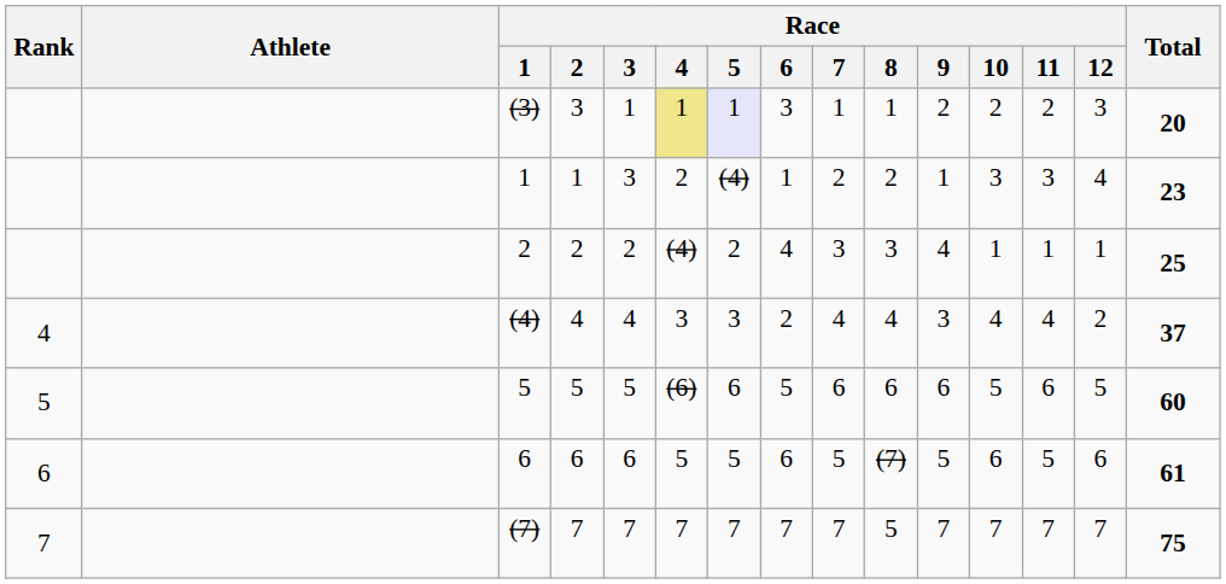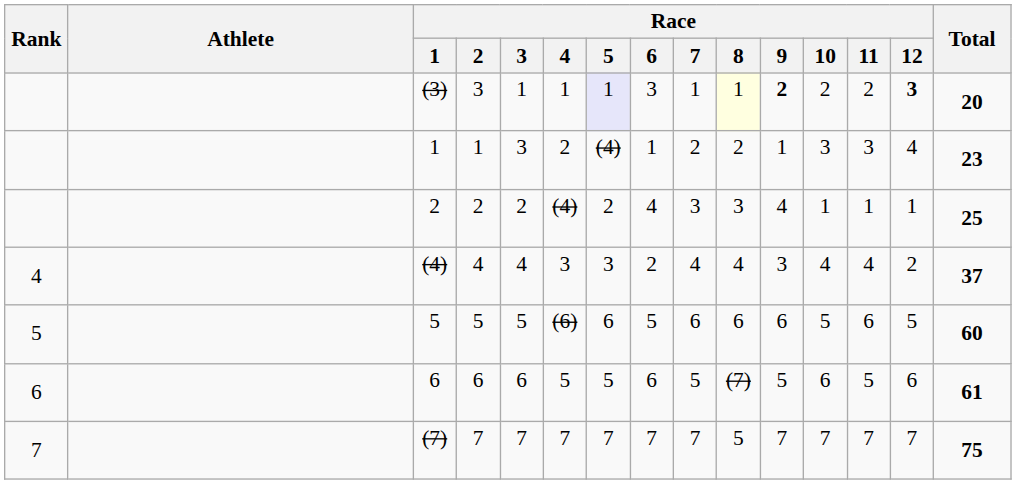 <table | class="wikitable" style="text-align:center">
 <tr>
 <th rowspan="2" width=40>Rank</th>
 <th rowspan="2" width=250>Athlete</th>
 <th colspan="12">Race</th>
 <th rowspan="2" width=50>Total</th>
 </tr>
 <tr>
 <th width=25>1</th>
 <th width=25>2</th>
 <th width=25>3</th>
 <th width=25>4</th>
 <th width=25>5</th>
 <th width=25>6</th>
 <th width=25>7</th>
 <th width=25>8</th>
 <th width=25>9</th>
 <th width=25>10</th>
 <th width=25>11</th>
 <th width=25>12</th>
 </tr>
 <tr>
 <td></td>
 <td align=left></td>
 <td><s>(3)</s><br> </td>
 <td>3<br> </td>
 <td>1<br> </td>
-<td style="background: khaki;">1<br> </td>
+<td>1<br> </td>
 <td style="background: lavender;">1<br> </td>
 <td>3<br> </td>
 <td>1<br> </td>
-<td>1<br> </td>
+<td style="background: lightyellow;">1<br> </td>
+<td><strong>2<br> </strong></td>
 <td>2<br> </td>
 <td>2<br> </td>
-<td>2<br> </td>
-<td>3<br> </td>
+<td><strong>3<br> </strong></td>
 <td><strong>20</strong></td>
 </tr>
 <tr>
 <td></td>
 <td align=left></td>
 <td>1<br> </td>
 <td>1<br> </td>
 <td>3<br> </td>
 <td>2<br> </td>
 <td><s>(4)</s><br> </td>
 <td>1<br> </td>
 <td>2<br> </td>
 <td>2<br> </td>
 <td>1<br> </td>
 <td>3<br> </td>
 <td>3<br> </td>
 <td>4<br> </td>
 <td><strong>23</strong></td>
 </tr>
 <tr>
 <td></td>
 <td align=left></td>
 <td>2<br> </td>
 <td>2<br> </td>
 <td>2<br> </td>
 <td><s>(4)</s><br> </td>
 <td>2<br> </td>
 <td>4<br> </td>
 <td>3<br> </td>
 <td>3<br> </td>
 <td>4<br> </td>
 <td>1<br> </td>
 <td>1<br> </td>
 <td>1<br> </td>
 <td><strong>25</strong></td>
 </tr>
 <tr>
 <td>4</td>
 <td align=left></td>
 <td><s>(4)</s><br> </td>
 <td>4<br> </td>
 <td>4<br> </td>
 <td>3<br> </td>
 <td>3<br> </td>
 <td>2<br> </td>
 <td>4<br> </td>
 <td>4<br> </td>
 <td>3<br> </td>
 <td>4<br> </td>
 <td>4<br> </td>
 <td>2<br> </td>
 <td><strong>37</strong></td>
 </tr>
 <tr>
 <td>5</td>
 <td align=left></td>
 <td>5<br> </td>
 <td>5<br> </td>
 <td>5<br> </td>
 <td><s>(6)</s><br> </td>
 <td>6<br> </td>
 <td>5<br> </td>
 <td>6<br> </td>
 <td>6<br> </td>
 <td>6<br> </td>
 <td>5<br> </td>
 <td>6<br> </td>
 <td>5<br> </td>
 <td><strong>60</strong></td>
 </tr>
 <tr>
 <td>6</td>
 <td align=left></td>
 <td>6<br> </td>
 <td>6<br> </td>
 <td>6<br> </td>
 <td>5<br> </td>
 <td>5<br> </td>
 <td>6<br> </td>
 <td>5<br> </td>
 <td><s>(7)</s><br> </td>
 <td>5<br> </td>
 <td>6<br> </td>
 <td>5<br> </td>
 <td>6<br> </td>
 <td><strong>61</strong></td>
 </tr>
 <tr>
 <td>7</td>
 <td align=left></td>
 <td><s>(7)</s><br> </td>
 <td>7<br> </td>
 <td>7<br> </td>
 <td>7<br> </td>
 <td>7<br> </td>
 <td>7<br> </td>
 <td>7<br> </td>
 <td>5<br> </td>
 <td>7<br> </td>
 <td>7<br> </td>
 <td>7<br> </td>
 <td>7<br> </td>
 <td><strong>75</strong></td>
 </tr>
 </table>
